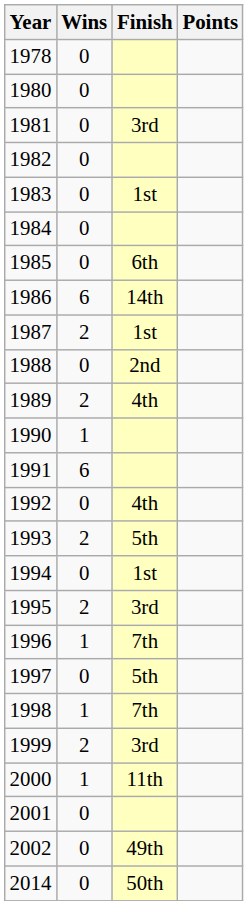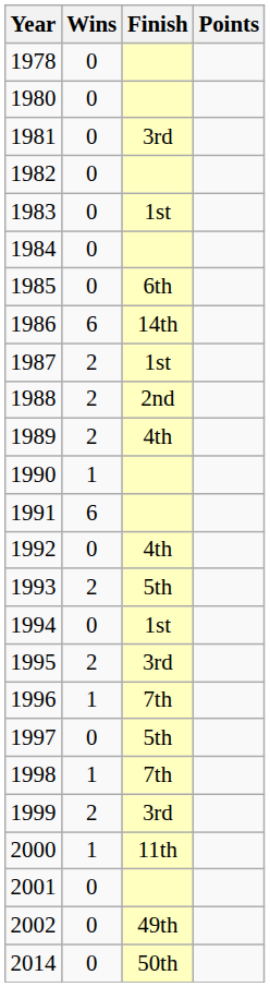 <table class="wikitable" style="font-size: 90%;">
 <tr>
 <th>Year</th>
 <th>Wins</th>
 <th>Finish</th>
 <th>Points</th>
 </tr>
 <tr>
 <td>1978</td>
 <td align=center>0</td>
 <td align=center style="background:#FFFFBF;"></td>
 <td align=center></td>
 </tr>
 <tr>
 <td>1980</td>
 <td align=center>0</td>
 <td align=center style="background:#FFFFBF;"></td>
 <td align=center></td>
 </tr>
 <tr>
 <td>1981</td>
 <td align=center>0</td>
 <td align=center style="background:#FFFFBF;">3rd</td>
 <td align=center></td>
 </tr>
 <tr>
 <td>1982</td>
 <td align=center>0</td>
 <td align=center style="background:#FFFFBF;"></td>
 <td align=center></td>
 </tr>
 <tr>
 <td>1983</td>
 <td align=center>0</td>
 <td align=center style="background:#FFFFBF;">1st</td>
 <td align=center></td>
 </tr>
 <tr>
 <td>1984</td>
 <td align=center>0</td>
 <td align=center style="background:#FFFFBF;"></td>
 <td align=center></td>
 </tr>
 <tr>
 <td>1985</td>
 <td align=center>0</td>
 <td align=center style="background:#FFFFBF;">6th</td>
 <td align=center></td>
 </tr>
 <tr>
 <td>1986</td>
 <td align=center>6</td>
 <td align=center style="background:#FFFFBF;">14th</td>
 <td align=center></td>
 </tr>
 <tr>
 <td>1987</td>
 <td align=center>2</td>
 <td align=center style="background:#FFFFBF;">1st</td>
 <td align=center></td>
 </tr>
 <tr>
 <td>1988</td>
-<td align=center>0</td>
+<td align=center>2</td>
 <td align=center style="background:#FFFFBF;">2nd</td>
 <td align=center></td>
 </tr>
 <tr>
 <td>1989</td>
 <td align=center>2</td>
 <td align=center style="background:#FFFFBF;">4th</td>
 <td align=center></td>
 </tr>
 <tr>
 <td>1990</td>
 <td align=center>1</td>
 <td align=center style="background:#FFFFBF;"></td>
 <td align=center></td>
 </tr>
 <tr>
 <td>1991</td>
 <td align=center>6</td>
 <td align=center style="background:#FFFFBF;"></td>
 <td align=center></td>
 </tr>
 <tr>
 <td>1992</td>
 <td align=center>0</td>
 <td align=center style="background:#FFFFBF;">4th</td>
 <td align=center></td>
 </tr>
 <tr>
 <td>1993</td>
 <td align=center>2</td>
 <td align=center style="background:#FFFFBF;">5th</td>
 <td align=center></td>
 </tr>
 <tr>
 <td>1994</td>
 <td align=center>0</td>
 <td align=center style="background:#FFFFBF;">1st</td>
 <td align=center></td>
 </tr>
 <tr>
 <td>1995</td>
 <td align=center>2</td>
 <td align=center style="background:#FFFFBF;">3rd</td>
 <td align=center></td>
 </tr>
 <tr>
 <td>1996</td>
 <td align=center>1</td>
 <td align=center style="background:#FFFFBF;">7th</td>
 <td align=center></td>
 </tr>
 <tr>
 <td>1997</td>
 <td align=center>0</td>
 <td align=center style="background:#FFFFBF;">5th</td>
 <td align=center></td>
 </tr>
 <tr>
 <td>1998</td>
 <td align=center>1</td>
 <td align=center style="background:#FFFFBF;">7th</td>
 <td align=center></td>
 </tr>
 <tr>
 <td>1999</td>
 <td align=center>2</td>
 <td align=center style="background:#FFFFBF;">3rd</td>
 <td align=center></td>
 </tr>
 <tr>
 <td>2000</td>
 <td align=center>1</td>
 <td align=center style="background:#FFFFBF;">11th</td>
 <td align=center></td>
 </tr>
 <tr>
 <td>2001</td>
 <td align=center>0</td>
 <td align=center style="background:#FFFFBF;"></td>
 <td align=center></td>
 </tr>
 <tr>
 <td>2002</td>
 <td align=center>0</td>
 <td align=center style="background:#FFFFBF;">49th</td>
 <td align=center></td>
 </tr>
 <tr>
 <td>2014</td>
 <td align=center>0</td>
 <td align=center style="background:#FFFFBF;">50th</td>
 <td align=center></td>
 </tr>
 </table>
